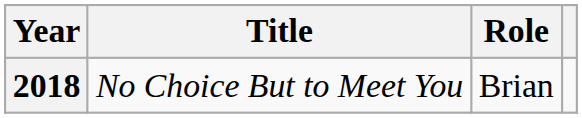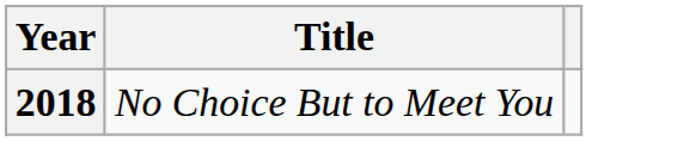 <table class="wikitable sortable plainrowheaders">
 <tr>
 <th scope="col">Year</th>
 <th scope="col">Title</th>
-<th scope="col">Role</th>
 <th scope="col" class="unsortable"></th>
 </tr>
 <tr>
 <th scope="row">2018</th>
 <td><em>No Choice But to Meet You</em></td>
-<td>Brian</td>
 <td></td>
 </tr>
 </table>
